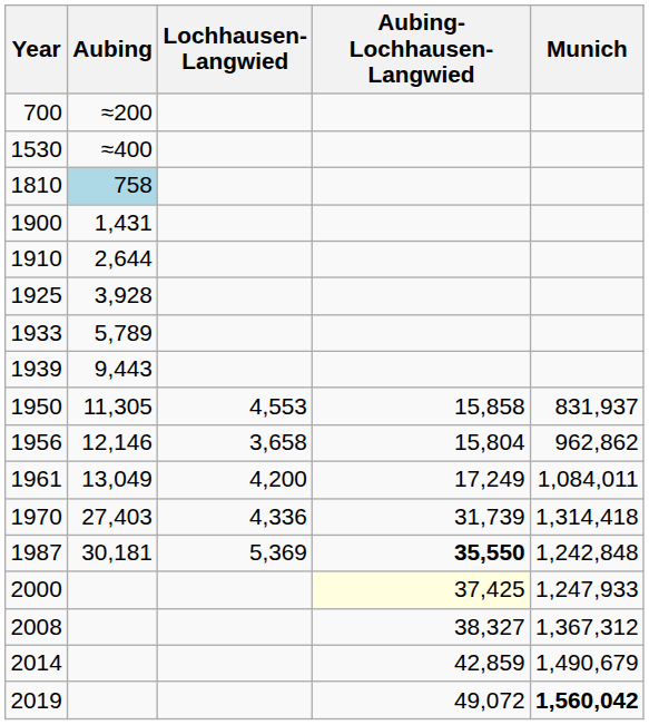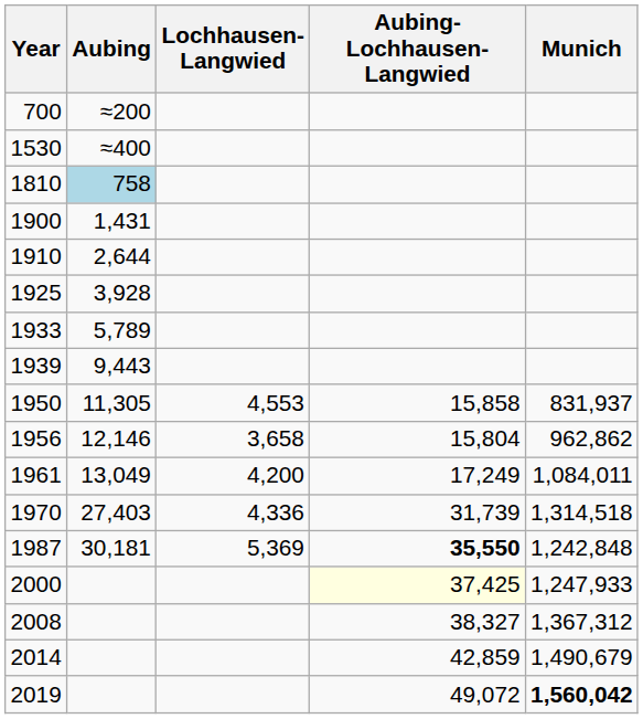 <table class="wikitable float-left" width="35%" style="text-align:right;">
 <tr>
 <th>Year</th>
 <th>Aubing</th>
 <th>Lochhausen-<br>Langwied</th>
 <th>Aubing-<br>Lochhausen- Langwied</th>
 <th>Munich</th>
 </tr>
 <tr>
 <td>700</td>
 <td>≈200</td>
 <td></td>
 <td></td>
 <td></td>
 </tr>
 <tr>
 <td>1530</td>
 <td>≈400</td>
 <td></td>
 <td></td>
 <td></td>
 </tr>
 <tr>
 <td>1810</td>
 <td style="background: lightblue;">758</td>
 <td></td>
 <td></td>
 <td></td>
 </tr>
 <tr>
 <td>1900</td>
 <td>1,431</td>
 <td></td>
 <td></td>
 <td></td>
 </tr>
 <tr>
 <td>1910</td>
 <td>2,644</td>
 <td></td>
 <td></td>
 <td></td>
 </tr>
 <tr>
 <td>1925</td>
 <td>3,928</td>
 <td></td>
 <td></td>
 <td></td>
 </tr>
 <tr>
 <td>1933</td>
 <td>5,789</td>
 <td></td>
 <td></td>
 <td></td>
 </tr>
 <tr>
 <td>1939</td>
 <td>9,443</td>
 <td></td>
 <td></td>
 <td></td>
 </tr>
 <tr>
 <td>1950</td>
 <td>11,305</td>
 <td>4,553</td>
 <td>15,858</td>
 <td>831,937</td>
 </tr>
 <tr>
 <td>1956</td>
 <td>12,146</td>
 <td>3,658</td>
 <td>15,804</td>
 <td>962,862</td>
 </tr>
 <tr>
 <td>1961</td>
 <td>13,049</td>
 <td>4,200</td>
 <td>17,249</td>
 <td>1,084,011</td>
 </tr>
 <tr>
 <td>1970</td>
 <td>27,403</td>
 <td>4,336</td>
 <td>31,739</td>
-<td>1,314,418</td>
+<td>1,314,518</td>
 </tr>
 <tr>
 <td>1987</td>
 <td>30,181</td>
 <td>5,369</td>
 <td><strong>35,550</strong></td>
 <td>1,242,848</td>
 </tr>
 <tr>
 <td>2000</td>
 <td></td>
 <td></td>
 <td style="background: lightyellow;">37,425</td>
 <td>1,247,933</td>
 </tr>
 <tr>
 <td>2008</td>
 <td></td>
 <td></td>
 <td>38,327</td>
 <td>1,367,312</td>
 </tr>
 <tr>
 <td>2014</td>
 <td></td>
 <td></td>
 <td>42,859</td>
 <td>1,490,679</td>
 </tr>
 <tr>
 <td>2019</td>
 <td></td>
 <td></td>
 <td>49,072</td>
 <td><strong>1,560,042</strong></td>
 </tr>
 </table>
